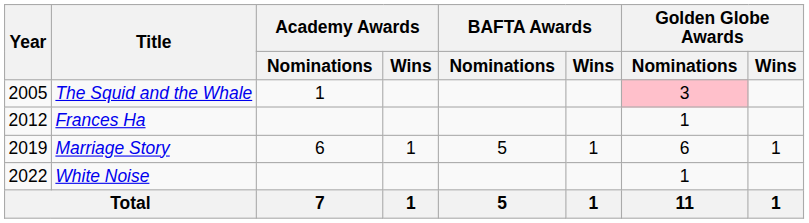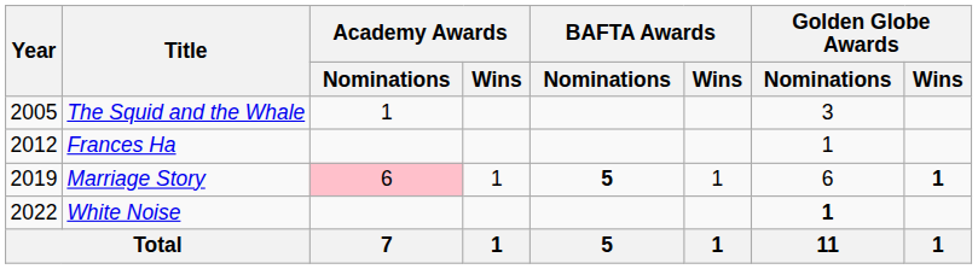 <table class="wikitable">
 <tr>
 <th rowspan="2">Year</th>
 <th rowspan="2">Title</th>
 <th colspan="2" style="text-align:center;" width=160>Academy Awards</th>
 <th colspan="2" style="text-align:center;" width=160>BAFTA Awards</th>
 <th colspan="2" style="text-align:center;" width=160>Golden Globe Awards</th>
 </tr>
 <tr>
 <th>Nominations</th>
 <th>Wins</th>
 <th>Nominations</th>
 <th>Wins</th>
 <th>Nominations</th>
 <th>Wins</th>
 </tr>
 <tr>
 <td>2005</td>
 <td><em><a href='#'>The Squid and the Whale</a></em></td>
 <td align=center>1</td>
 <td></td>
 <td></td>
 <td></td>
-<td align=center style="background: pink;">3</td>
+<td align=center>3</td>
 <td></td>
 </tr>
 <tr>
 <td>2012</td>
 <td><em><a href='#'>Frances Ha</a></em></td>
 <td></td>
 <td></td>
 <td></td>
 <td></td>
 <td align=center>1</td>
 <td></td>
 </tr>
 <tr>
 <td>2019</td>
 <td><em><a href='#'>Marriage Story</a></em></td>
-<td align=center>6</td>
+<td align=center style="background: pink;">6</td>
 <td align=center>1</td>
-<td align=center>5</td>
+<td align=center><strong>5</strong></td>
 <td align=center>1</td>
 <td align=center>6</td>
-<td align=center>1</td>
+<td align=center><strong>1</strong></td>
 </tr>
 <tr>
 <td>2022</td>
 <td><em><a href='#'>White Noise</a></em></td>
 <td></td>
 <td></td>
 <td></td>
 <td></td>
-<td align=center>1</td>
+<td align=center><strong>1</strong></td>
 <td></td>
 </tr>
 <tr>
 <th colspan="2">Total</th>
 <th align=center>7</th>
 <th align=center>1</th>
 <th align=center>5</th>
 <th align=center>1</th>
 <th align=center>11</th>
 <th align=center>1</th>
 </tr>
 </table>
